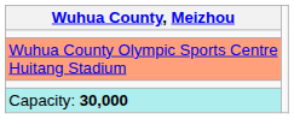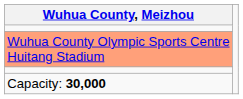 <table class="wikitable" style="margin-left: auto; margin-right: auto; border: none;">
 <tr>
 <th><a href='#'>Wuhua County</a>, <a href='#'>Meizhou</a></th>
 <td rowspan="5"><br></td>
 </tr>
 <tr>
 <td align="center"></td>
 </tr>
 <tr>
 <td style="background: lightsalmon;"><a href='#'>Wuhua County Olympic Sports Centre <br> Huitang Stadium</a></td>
 </tr>
 <tr>
 <td><small></small></td>
 </tr>
 <tr>
-<td style="background: paleturquoise;">Capacity: <strong>30,000</strong></td>
+<td>Capacity: <strong>30,000</strong></td>
 </tr>
 </table>
